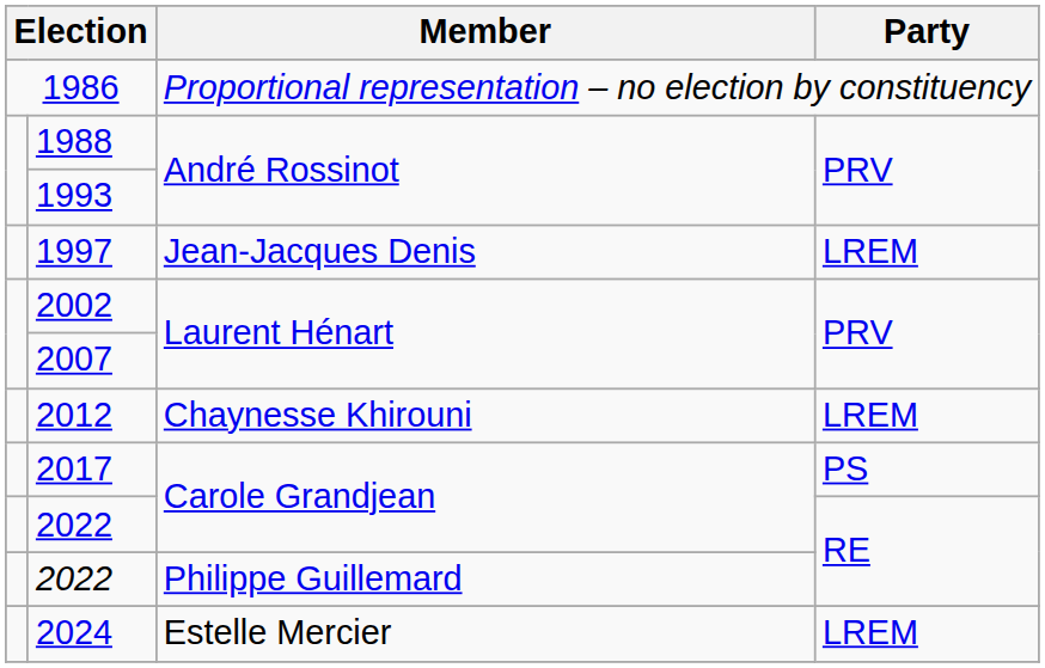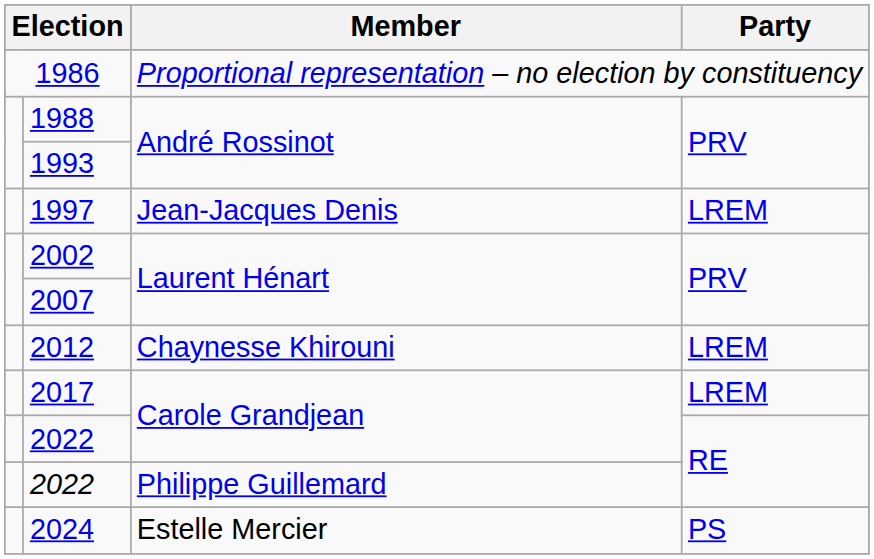 <table class="wikitable">
 <tr>
 <th colspan="2">Election</th>
 <th>Member</th>
 <th>Party</th>
 </tr>
 <tr>
 <td colspan="2" align="center"><a href='#'>1986</a></td>
 <td colspan="2"><em><a href='#'>Proportional representation</a> – no election by constituency</em></td>
 </tr>
 <tr>
 <td rowspan="2" style="background-color: "></td>
 <td><a href='#'>1988</a></td>
 <td rowspan="2"><a href='#'>André Rossinot</a></td>
 <td rowspan="2"><a href='#'>PRV</a></td>
 </tr>
 <tr>
 <td><a href='#'>1993</a></td>
 </tr>
 <tr>
 <td style="color:inherit;background-color: "></td>
 <td><a href='#'>1997</a></td>
 <td><a href='#'>Jean-Jacques Denis</a></td>
 <td><a href='#'>LREM</a></td>
 </tr>
 <tr>
 <td rowspan="2" style="background-color: "></td>
 <td><a href='#'>2002</a></td>
 <td rowspan="2"><a href='#'>Laurent Hénart</a></td>
 <td rowspan="2"><a href='#'>PRV</a></td>
 </tr>
 <tr>
 <td><a href='#'>2007</a></td>
 </tr>
 <tr>
 <td style="color:inherit;background-color: "></td>
 <td><a href='#'>2012</a></td>
 <td><a href='#'>Chaynesse Khirouni</a></td>
 <td><a href='#'>LREM</a></td>
 </tr>
 <tr>
 <td style="color:inherit;background-color: "></td>
 <td><a href='#'>2017</a></td>
 <td rowspan="2"><a href='#'>Carole Grandjean</a></td>
-<td><a href='#'>PS</a></td>
+<td><a href='#'>LREM</a></td>
 </tr>
 <tr>
 <td style="color:inherit;background-color: "></td>
 <td><a href='#'>2022</a></td>
 <td rowspan="2"><a href='#'>RE</a></td>
 </tr>
 <tr>
 <td style="color:inherit;background-color: "></td>
 <td><em>2022</em></td>
 <td><a href='#'>Philippe Guillemard</a></td>
 </tr>
 <tr>
 <td style="color:inherit;background-color: "></td>
 <td><a href='#'>2024</a></td>
 <td>Estelle Mercier</td>
-<td><a href='#'>LREM</a></td>
+<td><a href='#'>PS</a></td>
 </tr>
 </table>
